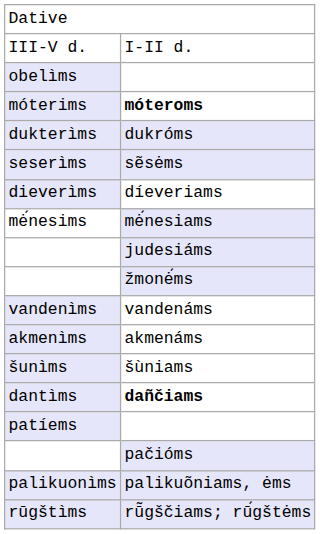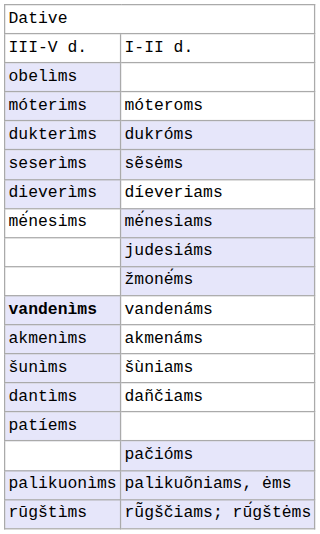 <table class=wikitable style="background: #FFFFFF; line-height: 1.3em;">
 <tr>
 <td colspan=3>Dative</td>
 </tr>
 <tr>
 <td>III-V d.</td>
 <td>I-II d.</td>
 </tr>
 <tr>
 <td style="background: #E6E6FA">obelìms</td>
 <td></td>
 </tr>
 <tr>
 <td style="background: #E6E6FA">móterims</td>
-<td><strong>móteroms</strong></td>
+<td>móteroms</td>
 </tr>
 <tr style="background: #E6E6FA">
 <td>dukterìms</td>
 <td>dukróms</td>
 </tr>
 <tr style="background: #E6E6FA">
 <td>seserìms</td>
 <td>sẽsėms</td>
 </tr>
 <tr>
 <td style="background: #E6E6FA">dieverìms</td>
 <td>díeveriams</td>
 </tr>
 <tr>
 <td>mė́nesims</td>
 <td style="background: #E6E6FA">mė́nesiams</td>
 </tr>
 <tr>
 <td></td>
 <td style="background: #E6E6FA">judesiáms</td>
 </tr>
 <tr>
 <td></td>
 <td style="background: #E6E6FA">žmonė́ms</td>
 </tr>
 <tr valign=top>
-<td style="background: #E6E6FA">vandenìms<br></td>
+<td style="background: #E6E6FA"><strong>vandenìms<br></strong></td>
 <td>vandenáms</td>
 </tr>
 <tr>
 <td style="background: #E6E6FA">akmenìms</td>
 <td>akmenáms</td>
 </tr>
 <tr>
 <td style="background: #E6E6FA">šunìms</td>
 <td>šùniams</td>
 </tr>
 <tr>
 <td style="background: #E6E6FA">dantìms</td>
-<td><strong>dañčiams</strong></td>
+<td>dañčiams</td>
 </tr>
 <tr>
 <td style="background: #E6E6FA">patíems</td>
 <td></td>
 </tr>
 <tr>
 <td></td>
 <td style="background: #E6E6FA">pačióms</td>
 </tr>
 <tr style="background: #E6E6FA">
 <td>palikuonìms</td>
 <td>palikuõniams, ėms</td>
 </tr>
 <tr style="background: #E6E6FA">
 <td>rūgštìms</td>
 <td>rū̃gščiams; rū́gštėms</td>
 </tr>
 </table>
